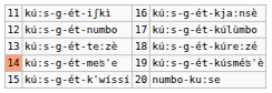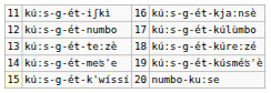 <table class="wikitable">
 <tr>
 <td>11</td>
 <td>kú:s-g-ét-iʃkì</td>
 <td>16</td>
 <td>kú:s-g-ét-kja:nsè</td>
 </tr>
 <tr>
 <td>12</td>
 <td>kú:s-g-ét-numbo</td>
 <td>17</td>
 <td>kú:s-g-ét-kúlùmbo</td>
 </tr>
 <tr>
 <td>13</td>
 <td>kú:s-g-ét-te:zè</td>
 <td>18</td>
 <td>kú:s-g-ét-kúre:zé</td>
 </tr>
 <tr>
-<td style="background: lightsalmon;">14</td>
+<td>14</td>
 <td>kú:s-g-ét-meʦ'e</td>
 <td>19</td>
 <td>kú:s-g-ét-kúsméʦ'è</td>
 </tr>
 <tr>
-<td>15</td>
+<td style="background: lightyellow;">15</td>
 <td>kú:s-g-ét-k'wíssí</td>
 <td>20</td>
 <td>numbo-ku:se</td>
 </tr>
 </table>
